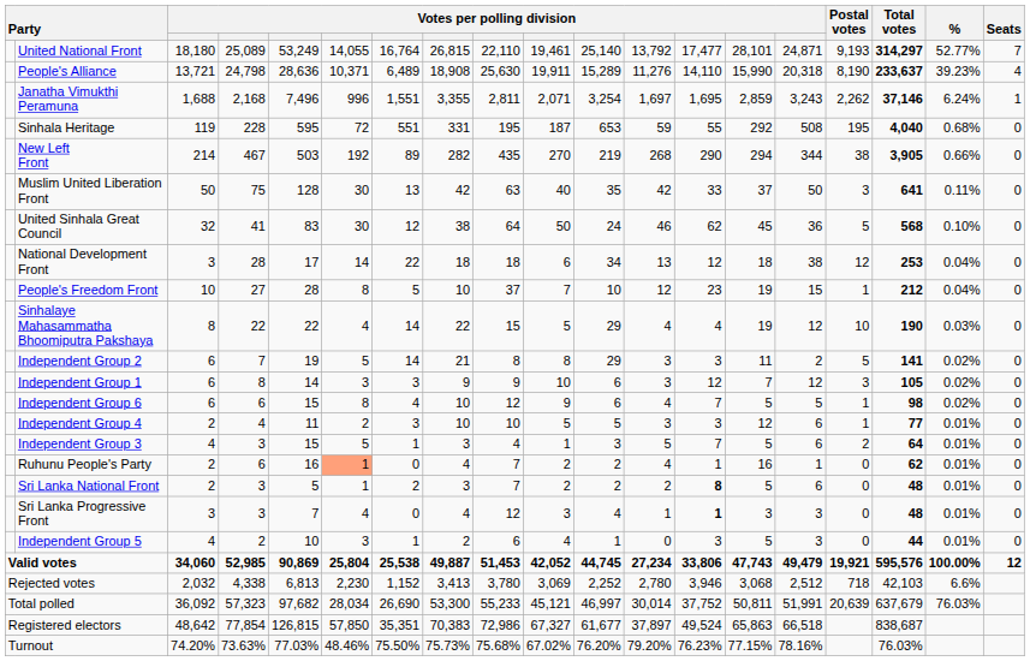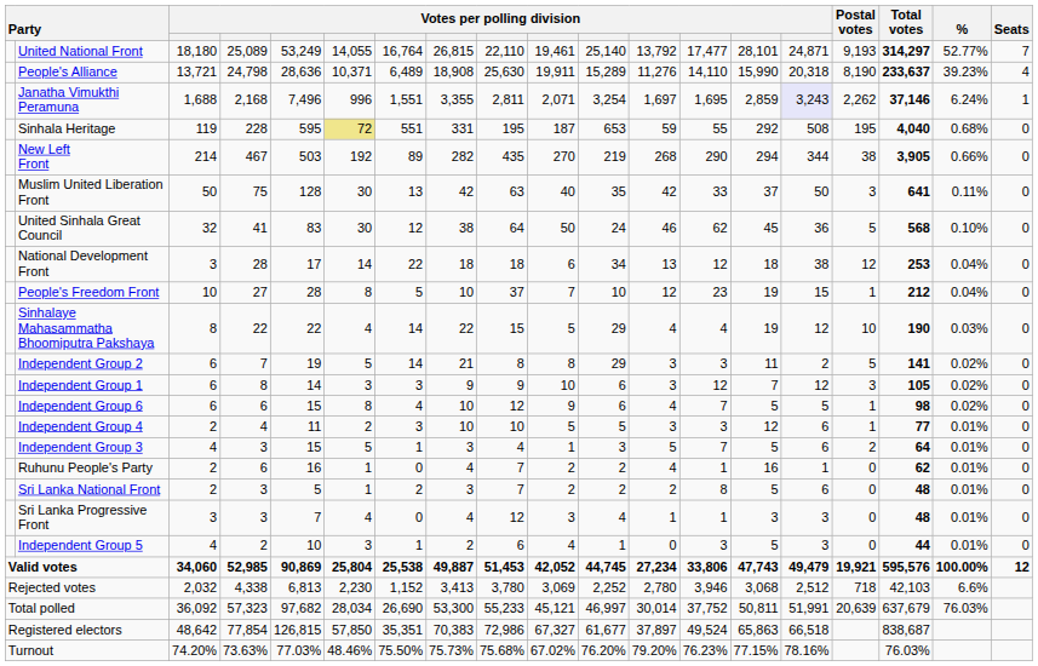 <table class="wikitable" border="1" style="text-align:right;">
 <tr>
 <th style="text-align:left; vertical-align:bottom;" rowspan="2" colspan="2">Party</th>
 <th colspan=13>Votes per polling division</th>
 <th rowspan="2" style="vertical-align:bottom; text-align:center; width:50px;">Postal<br>votes</th>
 <th rowspan="2" style="vertical-align:bottom; text-align:center; width:50px;">Total votes</th>
 <th rowspan="2" style="vertical-align:bottom; text-align:center; width:50px;">%</th>
 <th rowspan="2" style="vertical-align:bottom; text-align:center; width:40px;">Seats</th>
 </tr>
 <tr>
 <th></th>
 <th></th>
 <th></th>
 <th></th>
 <th></th>
 <th></th>
 <th></th>
 <th></th>
 <th></th>
 <th></th>
 <th></th>
 <th></th>
 <th></th>
 </tr>
 <tr>
 <td bgcolor=> </td>
 <td align=left><a href='#'>United National Front</a></td>
 <td>18,180</td>
 <td>25,089</td>
 <td>53,249</td>
 <td>14,055</td>
 <td>16,764</td>
 <td>26,815</td>
 <td>22,110</td>
 <td>19,461</td>
 <td>25,140</td>
 <td>13,792</td>
 <td>17,477</td>
 <td>28,101</td>
 <td>24,871</td>
 <td>9,193</td>
 <td><strong>314,297</strong></td>
 <td>52.77%</td>
 <td>7</td>
 </tr>
 <tr>
 <td bgcolor=> </td>
 <td align=left><a href='#'>People's Alliance</a></td>
 <td>13,721</td>
 <td>24,798</td>
 <td>28,636</td>
 <td>10,371</td>
 <td>6,489</td>
 <td>18,908</td>
 <td>25,630</td>
 <td>19,911</td>
 <td>15,289</td>
 <td>11,276</td>
 <td>14,110</td>
 <td>15,990</td>
 <td>20,318</td>
 <td>8,190</td>
 <td><strong>233,637</strong></td>
 <td>39.23%</td>
 <td>4</td>
 </tr>
 <tr>
 <td bgcolor=> </td>
 <td align=left><a href='#'>Janatha Vimukthi Peramuna</a></td>
 <td>1,688</td>
 <td>2,168</td>
 <td>7,496</td>
 <td>996</td>
 <td>1,551</td>
 <td>3,355</td>
 <td>2,811</td>
 <td>2,071</td>
 <td>3,254</td>
 <td>1,697</td>
 <td>1,695</td>
 <td>2,859</td>
-<td>3,243</td>
+<td style="background: lavender;">3,243</td>
 <td>2,262</td>
 <td><strong>37,146</strong></td>
 <td>6.24%</td>
 <td>1</td>
 </tr>
 <tr>
 <td bgcolor=> </td>
 <td align=left>Sinhala Heritage</td>
 <td>119</td>
 <td>228</td>
 <td>595</td>
-<td>72</td>
+<td style="background: khaki;">72</td>
 <td>551</td>
 <td>331</td>
 <td>195</td>
 <td>187</td>
 <td>653</td>
 <td>59</td>
 <td>55</td>
 <td>292</td>
 <td>508</td>
 <td>195</td>
 <td><strong>4,040</strong></td>
 <td>0.68%</td>
 <td>0</td>
 </tr>
 <tr>
 <td bgcolor=> </td>
 <td align=left><a href='#'>New Left<br>Front</a></td>
 <td>214</td>
 <td>467</td>
 <td>503</td>
 <td>192</td>
 <td>89</td>
 <td>282</td>
 <td>435</td>
 <td>270</td>
 <td>219</td>
 <td>268</td>
 <td>290</td>
 <td>294</td>
 <td>344</td>
 <td>38</td>
 <td><strong>3,905</strong></td>
 <td>0.66%</td>
 <td>0</td>
 </tr>
 <tr>
 <td bgcolor=> </td>
 <td align=left>Muslim United Liberation Front</td>
 <td>50</td>
 <td>75</td>
 <td>128</td>
 <td>30</td>
 <td>13</td>
 <td>42</td>
 <td>63</td>
 <td>40</td>
 <td>35</td>
 <td>42</td>
 <td>33</td>
 <td>37</td>
 <td>50</td>
 <td>3</td>
 <td><strong>641</strong></td>
 <td>0.11%</td>
 <td>0</td>
 </tr>
 <tr>
 <td bgcolor=> </td>
 <td align=left>United Sinhala Great Council</td>
 <td>32</td>
 <td>41</td>
 <td>83</td>
 <td>30</td>
 <td>12</td>
 <td>38</td>
 <td>64</td>
 <td>50</td>
 <td>24</td>
 <td>46</td>
 <td>62</td>
 <td>45</td>
 <td>36</td>
 <td>5</td>
 <td><strong>568</strong></td>
 <td>0.10%</td>
 <td>0</td>
 </tr>
 <tr>
 <td bgcolor=> </td>
 <td align=left>National Development Front</td>
 <td>3</td>
 <td>28</td>
 <td>17</td>
 <td>14</td>
 <td>22</td>
 <td>18</td>
 <td>18</td>
 <td>6</td>
 <td>34</td>
 <td>13</td>
 <td>12</td>
 <td>18</td>
 <td>38</td>
 <td>12</td>
 <td><strong>253</strong></td>
 <td>0.04%</td>
 <td>0</td>
 </tr>
 <tr>
 <td bgcolor=> </td>
 <td align=left><a href='#'>People's Freedom Front</a></td>
 <td>10</td>
 <td>27</td>
 <td>28</td>
 <td>8</td>
 <td>5</td>
 <td>10</td>
 <td>37</td>
 <td>7</td>
 <td>10</td>
 <td>12</td>
 <td>23</td>
 <td>19</td>
 <td>15</td>
 <td>1</td>
 <td><strong>212</strong></td>
 <td>0.04%</td>
 <td>0</td>
 </tr>
 <tr>
 <td bgcolor=> </td>
 <td align=left><a href='#'>Sinhalaye Mahasammatha Bhoomiputra Pakshaya</a></td>
 <td>8</td>
 <td>22</td>
 <td>22</td>
 <td>4</td>
 <td>14</td>
 <td>22</td>
 <td>15</td>
 <td>5</td>
 <td>29</td>
 <td>4</td>
 <td>4</td>
 <td>19</td>
 <td>12</td>
 <td>10</td>
 <td><strong>190</strong></td>
 <td>0.03%</td>
 <td>0</td>
 </tr>
 <tr>
 <td bgcolor=> </td>
 <td align=left><a href='#'>Independent Group 2</a></td>
 <td>6</td>
 <td>7</td>
 <td>19</td>
 <td>5</td>
 <td>14</td>
 <td>21</td>
 <td>8</td>
 <td>8</td>
 <td>29</td>
 <td>3</td>
 <td>3</td>
 <td>11</td>
 <td>2</td>
 <td>5</td>
 <td><strong>141</strong></td>
 <td>0.02%</td>
 <td>0</td>
 </tr>
 <tr>
 <td bgcolor=> </td>
 <td align=left><a href='#'>Independent Group 1</a></td>
 <td>6</td>
 <td>8</td>
 <td>14</td>
 <td>3</td>
 <td>3</td>
 <td>9</td>
 <td>9</td>
 <td>10</td>
 <td>6</td>
 <td>3</td>
 <td>12</td>
 <td>7</td>
 <td>12</td>
 <td>3</td>
 <td><strong>105</strong></td>
 <td>0.02%</td>
 <td>0</td>
 </tr>
 <tr>
 <td bgcolor=> </td>
 <td align=left><a href='#'>Independent Group 6</a></td>
 <td>6</td>
 <td>6</td>
 <td>15</td>
 <td>8</td>
 <td>4</td>
 <td>10</td>
 <td>12</td>
 <td>9</td>
 <td>6</td>
 <td>4</td>
 <td>7</td>
 <td>5</td>
 <td>5</td>
 <td>1</td>
 <td><strong>98</strong></td>
 <td>0.02%</td>
 <td>0</td>
 </tr>
 <tr>
 <td bgcolor=> </td>
 <td align=left><a href='#'>Independent Group 4</a></td>
 <td>2</td>
 <td>4</td>
 <td>11</td>
 <td>2</td>
 <td>3</td>
 <td>10</td>
 <td>10</td>
 <td>5</td>
 <td>5</td>
 <td>3</td>
 <td>3</td>
 <td>12</td>
 <td>6</td>
 <td>1</td>
 <td><strong>77</strong></td>
 <td>0.01%</td>
 <td>0</td>
 </tr>
 <tr>
 <td bgcolor=> </td>
 <td align=left><a href='#'>Independent Group 3</a></td>
 <td>4</td>
 <td>3</td>
 <td>15</td>
 <td>5</td>
 <td>1</td>
 <td>3</td>
 <td>4</td>
 <td>1</td>
 <td>3</td>
 <td>5</td>
 <td>7</td>
 <td>5</td>
 <td>6</td>
 <td>2</td>
 <td><strong>64</strong></td>
 <td>0.01%</td>
 <td>0</td>
 </tr>
 <tr>
 <td bgcolor=> </td>
 <td align=left>Ruhunu People's Party</td>
 <td>2</td>
 <td>6</td>
 <td>16</td>
-<td style="background: lightsalmon;">1</td>
+<td>1</td>
 <td>0</td>
 <td>4</td>
 <td>7</td>
 <td>2</td>
 <td>2</td>
 <td>4</td>
 <td>1</td>
 <td>16</td>
 <td>1</td>
 <td>0</td>
 <td><strong>62</strong></td>
 <td>0.01%</td>
 <td>0</td>
 </tr>
 <tr>
 <td bgcolor=> </td>
 <td align=left><a href='#'>Sri Lanka National Front</a></td>
 <td>2</td>
 <td>3</td>
 <td>5</td>
 <td>1</td>
 <td>2</td>
 <td>3</td>
 <td>7</td>
 <td>2</td>
 <td>2</td>
 <td>2</td>
-<td><strong>8</strong></td>
+<td>8</td>
 <td>5</td>
 <td>6</td>
 <td>0</td>
 <td><strong>48</strong></td>
 <td>0.01%</td>
 <td>0</td>
 </tr>
 <tr>
 <td bgcolor=> </td>
 <td align=left>Sri Lanka Progressive Front</td>
 <td>3</td>
 <td>3</td>
 <td>7</td>
 <td>4</td>
 <td>0</td>
 <td>4</td>
 <td>12</td>
 <td>3</td>
 <td>4</td>
 <td>1</td>
-<td><strong>1</strong></td>
+<td>1</td>
 <td>3</td>
 <td>3</td>
 <td>0</td>
 <td><strong>48</strong></td>
 <td>0.01%</td>
 <td>0</td>
 </tr>
 <tr>
 <td bgcolor=> </td>
 <td align=left><a href='#'>Independent Group 5</a></td>
 <td>4</td>
 <td>2</td>
 <td>10</td>
 <td>3</td>
 <td>1</td>
 <td>2</td>
 <td>6</td>
 <td>4</td>
 <td>1</td>
 <td>0</td>
 <td>3</td>
 <td>5</td>
 <td>3</td>
 <td>0</td>
 <td><strong>44</strong></td>
 <td>0.01%</td>
 <td>0</td>
 </tr>
 <tr>
 <td align=left colspan="2"><strong>Valid votes</strong></td>
 <td><strong>34,060</strong></td>
 <td><strong>52,985</strong></td>
 <td><strong>90,869</strong></td>
 <td><strong>25,804</strong></td>
 <td><strong>25,538</strong></td>
 <td><strong>49,887</strong></td>
 <td><strong>51,453</strong></td>
 <td><strong>42,052</strong></td>
 <td><strong>44,745</strong></td>
 <td><strong>27,234</strong></td>
 <td><strong>33,806</strong></td>
 <td><strong>47,743</strong></td>
 <td><strong>49,479</strong></td>
 <td><strong>19,921</strong></td>
 <td><strong>595,576</strong></td>
 <td><strong>100.00%</strong></td>
 <td><strong>12</strong></td>
 </tr>
 <tr>
 <td align=left colspan="2">Rejected votes</td>
 <td>2,032</td>
 <td>4,338</td>
 <td>6,813</td>
 <td>2,230</td>
 <td>1,152</td>
 <td>3,413</td>
 <td>3,780</td>
 <td>3,069</td>
 <td>2,252</td>
 <td>2,780</td>
 <td>3,946</td>
 <td>3,068</td>
 <td>2,512</td>
 <td>718</td>
 <td>42,103</td>
 <td>6.6%</td>
 <td></td>
 </tr>
 <tr>
 <td align=left colspan="2">Total polled</td>
 <td>36,092</td>
 <td>57,323</td>
 <td>97,682</td>
 <td>28,034</td>
 <td>26,690</td>
 <td>53,300</td>
 <td>55,233</td>
 <td>45,121</td>
 <td>46,997</td>
 <td>30,014</td>
 <td>37,752</td>
 <td>50,811</td>
 <td>51,991</td>
 <td>20,639</td>
 <td>637,679</td>
 <td>76.03%</td>
 <td></td>
 </tr>
 <tr>
 <td align=left colspan="2">Registered electors</td>
 <td>48,642</td>
 <td>77,854</td>
 <td>126,815</td>
 <td>57,850</td>
 <td>35,351</td>
 <td>70,383</td>
 <td>72,986</td>
 <td>67,327</td>
 <td>61,677</td>
 <td>37,897</td>
 <td>49,524</td>
 <td>65,863</td>
 <td>66,518</td>
 <td></td>
 <td>838,687</td>
 <td></td>
 <td></td>
 </tr>
 <tr>
 <td align=left colspan="2">Turnout</td>
 <td>74.20%</td>
 <td>73.63%</td>
 <td>77.03%</td>
 <td>48.46%</td>
 <td>75.50%</td>
 <td>75.73%</td>
 <td>75.68%</td>
 <td>67.02%</td>
 <td>76.20%</td>
 <td>79.20%</td>
 <td>76.23%</td>
 <td>77.15%</td>
 <td>78.16%</td>
 <td></td>
 <td>76.03%</td>
 <td></td>
 <td></td>
 </tr>
 </table>
